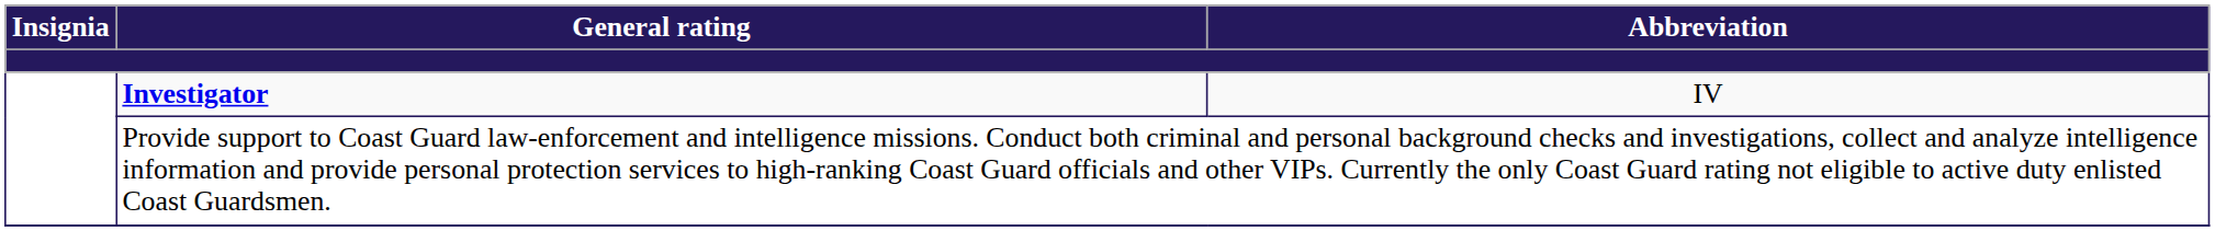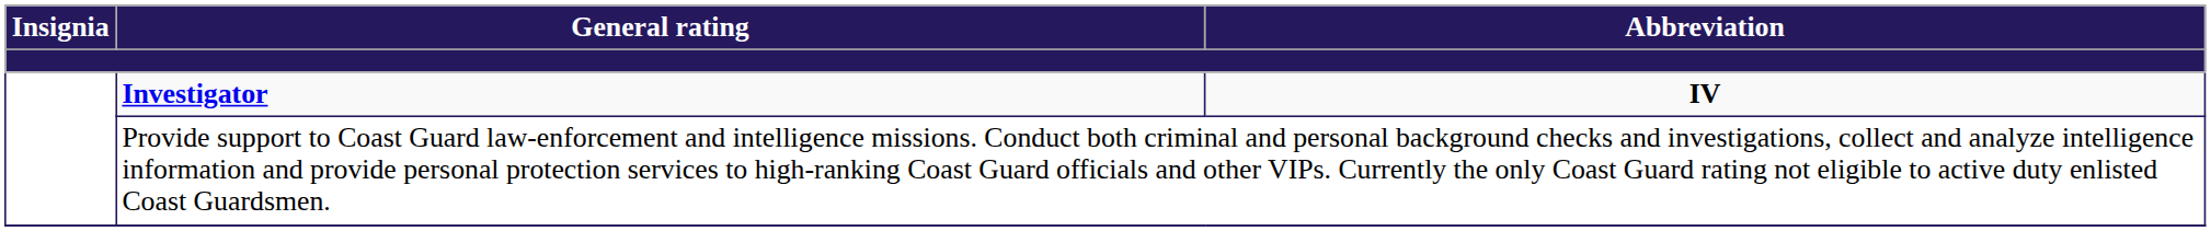 <table class="wikitable" style="border: 1px solid #25185d; ">
 <tr>
 <th style="background-color: #25185d; color: white">Insignia</th>
 <th style="background-color: #25185d; color: white">General rating</th>
 <th style="background-color: #25185d; color: white">Abbreviation</th>
 </tr>
 <tr>
 <td colspan="3" style="background:#25185d;" height=5px></td>
 </tr>
 <tr>
 <td style="border: 1px solid #25185d; background-color: #FFFFFF" rowspan="2"></td>
 <td style="border: 1px solid #25185d;"><strong><a href='#'>Investigator</a></strong></td>
-<td style="border: 1px solid #25185d; text-align: center">IV</td>
+<td style="border: 1px solid #25185d; text-align: center"><strong>IV</strong></td>
 </tr>
 <tr style="border: 1px solid #25185d; background-color: #FFFFFF" |>
 <td style="border: 1px solid #25185d;" colspan="2" valign="top">Provide support to Coast Guard law-enforcement and intelligence missions. Conduct both criminal and personal background checks and investigations, collect and analyze intelligence information and provide personal protection services to high-ranking Coast Guard officials and other VIPs.  Currently the only Coast Guard rating not eligible to active duty enlisted Coast Guardsmen.</td>
 </tr>
 <tr>
 </tr>
 </table>
